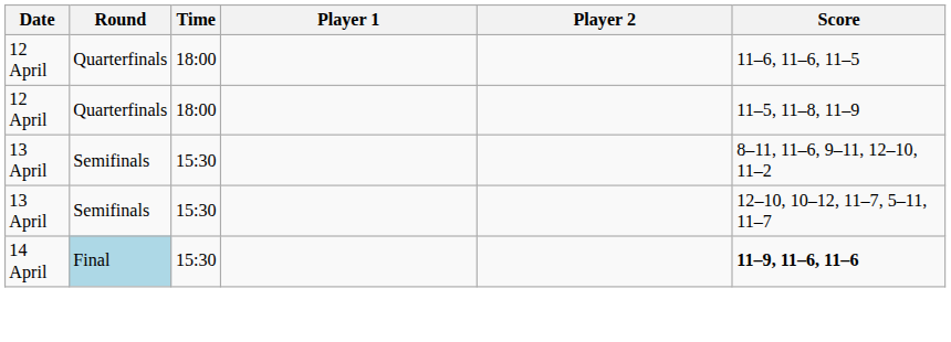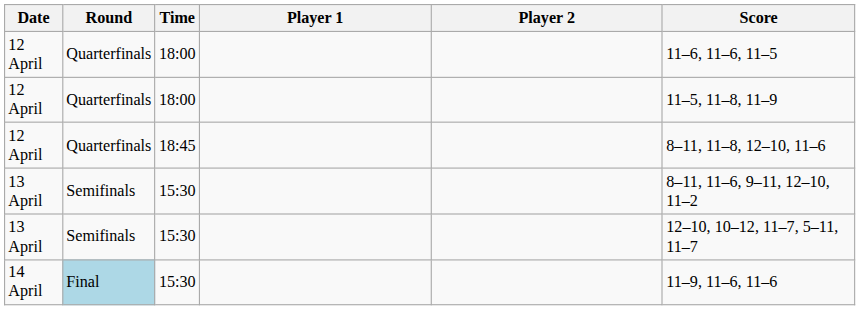 <table class="sortable wikitable" style="font-size:90%">
 <tr>
 <th width="45" class="unsortable">Date</th>
 <th width="55">Round</th>
 <th width="30">Time</th>
 <th width="200">Player 1</th>
 <th width="200">Player 2</th>
 <th width="165" class="unsortable">Score</th>
 </tr>
 <tr>
 <td>12 April</td>
 <td>Quarterfinals</td>
 <td>18:00</td>
 <td></td>
 <td><strong></strong></td>
 <td>11–6, 11–6, 11–5</td>
 </tr>
 <tr>
 <td>12 April</td>
 <td>Quarterfinals</td>
 <td>18:00</td>
 <td><strong></strong></td>
 <td></td>
 <td>11–5, 11–8, 11–9</td>
 </tr>
 <tr>
+<td>12 April</td>
+<td>Quarterfinals</td>
+<td>18:45</td>
+<td><strong></strong></td>
+<td></td>
+<td>8–11, 11–8, 12–10, 11–6</td>
+</tr>
+<tr>
 <td>13 April</td>
 <td>Semifinals</td>
 <td>15:30</td>
 <td></td>
 <td><strong></strong></td>
 <td>8–11, 11–6, 9–11, 12–10, 11–2</td>
 </tr>
 <tr>
 <td>13 April</td>
 <td>Semifinals</td>
 <td>15:30</td>
 <td></td>
 <td><strong></strong></td>
 <td>12–10, 10–12, 11–7, 5–11, 11–7</td>
 </tr>
 <tr>
 <td>14 April</td>
 <td style="background: lightblue;">Final</td>
 <td>15:30</td>
 <td><strong></strong></td>
 <td></td>
-<td><strong>11–9, 11–6, 11–6</strong></td>
+<td>11–9, 11–6, 11–6</td>
 </tr>
 </table>
